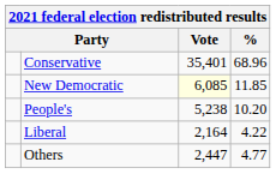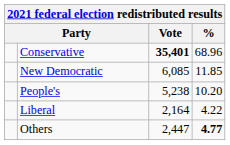 <table class="wikitable">
 <tr>
 <th colspan="4"><a href='#'>2021 federal election</a> redistributed results</th>
 </tr>
 <tr>
 <th bgcolor="#DDDDFF" width="130px" colspan="2">Party</th>
 <th bgcolor="#DDDDFF" width="50px">Vote</th>
 <th bgcolor="#DDDDFF" width="30px">%</th>
 </tr>
 <tr>
 <td> </td>
 <td><a href='#'>Conservative</a></td>
-<td align=right>35,401</td>
+<td align=right><strong>35,401</strong></td>
 <td align=right>68.96</td>
 </tr>
 <tr>
 <td> </td>
 <td><a href='#'>New Democratic</a></td>
-<td align=right style="background: lightyellow;">6,085</td>
+<td align=right>6,085</td>
 <td align=right>11.85</td>
 </tr>
 <tr>
 <td> </td>
 <td><a href='#'>People's</a></td>
 <td align=right>5,238</td>
 <td align=right>10.20</td>
 </tr>
 <tr>
 <td> </td>
 <td><a href='#'>Liberal</a></td>
 <td align=right>2,164</td>
 <td align=right>4.22</td>
 </tr>
 <tr>
 <td> </td>
 <td>Others</td>
 <td align=right>2,447</td>
-<td align=right>4.77</td>
+<td align=right><strong>4.77</strong></td>
 </tr>
 </table>
